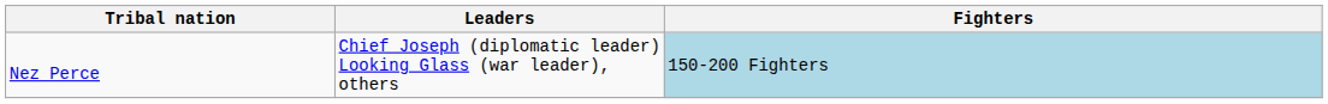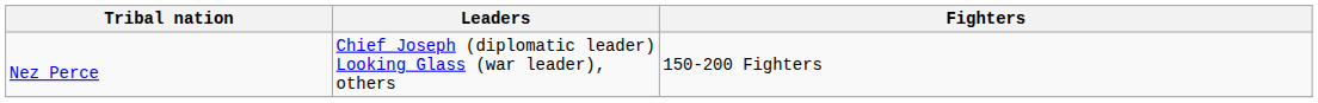 <table class="wikitable">
 <tr>
 <th width=25%>Tribal nation</th>
 <th width=25%>Leaders</th>
 <th>Fighters</th>
 </tr>
 <tr>
 <td rowspan=1><br><a href='#'>Nez Perce</a></td>
 <td><a href='#'>Chief Joseph</a> (diplomatic leader)<br> <a href='#'>Looking Glass</a> (war leader),<br> others</td>
-<td style="background: lightblue;">150-200 Fighters</td>
+<td>150-200 Fighters</td>
 </tr>
 <tr>
 </tr>
 </table>
